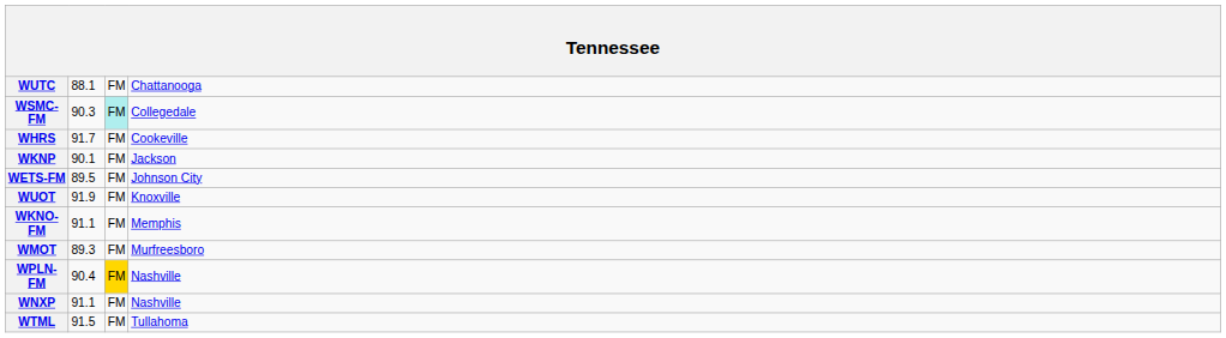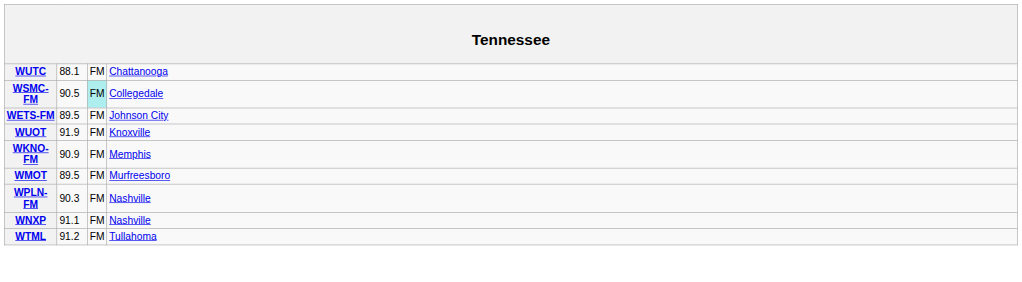 <table class="wikitable mw-collapsible" style="width:100%">
 <tr>
 <th scope="col" colspan="4"><br><h2>Tennessee</h2></th>
 </tr>
 <tr>
 <th scope="row" style="width: 75px;"><a href='#'>WUTC</a></th>
 <td style="width: 40px;">88.1</td>
 <td style="width: 21px;">FM</td>
 <td><a href='#'>Chattanooga</a></td>
 </tr>
 <tr>
 <th scope="row"><a href='#'>WSMC-FM</a></th>
-<td>90.3</td>
+<td>90.5</td>
 <td style="background: paleturquoise;">FM</td>
 <td><a href='#'>Collegedale</a></td>
-</tr>
-<tr>
-<th scope="row"><a href='#'>WHRS</a></th>
-<td>91.7</td>
-<td>FM</td>
-<td><a href='#'>Cookeville</a></td>
-</tr>
-<tr>
-<th scope="row"><a href='#'>WKNP</a></th>
-<td>90.1</td>
-<td>FM</td>
-<td><a href='#'>Jackson</a></td>
 </tr>
 <tr>
 <th scope="row"><a href='#'>WETS-FM</a></th>
 <td>89.5</td>
 <td>FM</td>
 <td><a href='#'>Johnson City</a></td>
 </tr>
 <tr>
 <th scope="row"><a href='#'>WUOT</a></th>
 <td>91.9</td>
 <td>FM</td>
 <td><a href='#'>Knoxville</a></td>
 </tr>
 <tr>
 <th scope="row"><a href='#'>WKNO-FM</a></th>
-<td>91.1</td>
+<td>90.9</td>
 <td>FM</td>
 <td><a href='#'>Memphis</a></td>
 </tr>
 <tr>
 <th scope="row"><a href='#'>WMOT</a></th>
-<td>89.3</td>
+<td>89.5</td>
 <td>FM</td>
 <td><a href='#'>Murfreesboro</a></td>
 </tr>
 <tr>
 <th scope="row"><a href='#'>WPLN-FM</a></th>
-<td>90.4</td>
-<td style="background: gold;">FM</td>
+<td>90.3</td>
+<td>FM</td>
 <td><a href='#'>Nashville</a></td>
 </tr>
 <tr>
 <th scope="row"><a href='#'>WNXP</a></th>
 <td>91.1</td>
 <td>FM</td>
 <td><a href='#'>Nashville</a></td>
 </tr>
 <tr>
 <th scope="row"><a href='#'>WTML</a></th>
-<td>91.5</td>
+<td>91.2</td>
 <td>FM</td>
 <td><a href='#'>Tullahoma</a></td>
 </tr>
 </table>
